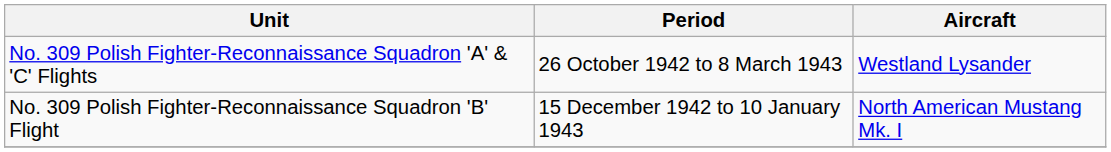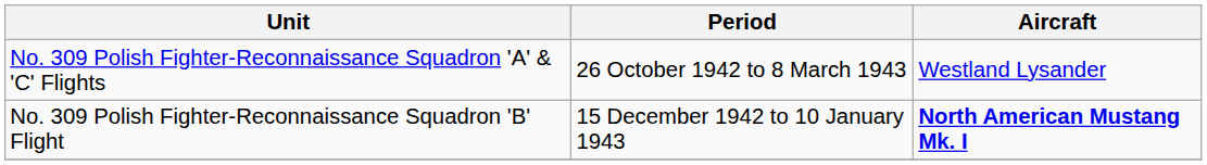 <table class="wikitable">
 <tr>
 <th>Unit</th>
 <th>Period</th>
 <th>Aircraft</th>
 </tr>
 <tr>
 <td><a href='#'>No. 309 Polish Fighter-Reconnaissance Squadron</a> 'A' & 'C' Flights</td>
 <td>26 October 1942 to 8 March 1943</td>
 <td><a href='#'>Westland Lysander</a></td>
 </tr>
 <tr>
 <td>No. 309 Polish Fighter-Reconnaissance Squadron 'B' Flight</td>
 <td>15 December 1942 to 10 January 1943</td>
-<td><a href='#'>North American Mustang Mk. I</a></td>
+<td><strong><a href='#'>North American Mustang Mk. I</a></strong></td>
 </tr>
 <tr>
 </tr>
 </table>
